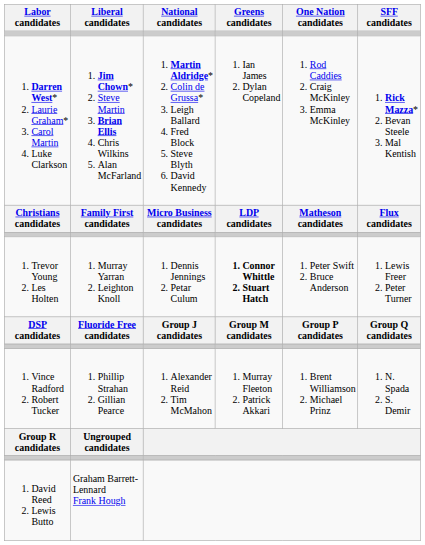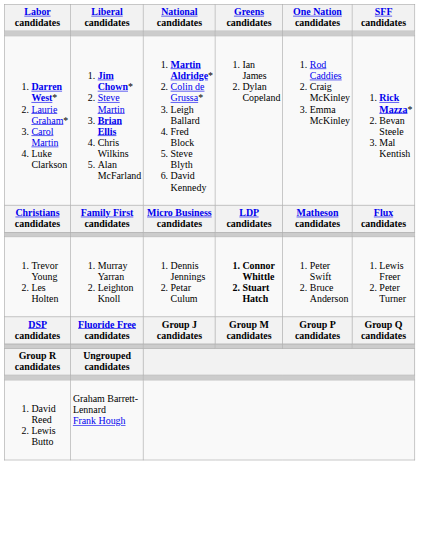 <table class="wikitable">
 <tr>
 <th><a href='#'>Labor</a> candidates</th>
 <th><a href='#'>Liberal</a> candidates</th>
 <th><a href='#'>National</a> candidates</th>
 <th><a href='#'>Greens</a> candidates</th>
 <th><a href='#'>One Nation</a> candidates</th>
 <th><a href='#'>SFF</a> candidates</th>
 </tr>
 <tr bgcolor="#cccccc">
 <td></td>
 <td></td>
 <td></td>
 <td></td>
 <td></td>
 <td></td>
 </tr>
 <tr>
 <td><br><ol><li><strong><a href='#'>Darren West</a></strong>*</li><li><a href='#'>Laurie Graham</a>*</li><li><a href='#'>Carol Martin</a></li><li>Luke Clarkson</li></ol></td>
 <td><br><ol><li><strong><a href='#'>Jim Chown</a></strong>*</li><li><a href='#'>Steve Martin</a></li><li><strong><a href='#'>Brian Ellis</a></strong></li><li>Chris Wilkins</li><li>Alan McFarland</li></ol></td>
 <td><br><ol><li><strong><a href='#'>Martin Aldridge</a></strong>*</li><li><a href='#'>Colin de Grussa</a>*</li><li>Leigh Ballard</li><li>Fred Block</li><li>Steve Blyth</li><li>David Kennedy</li></ol></td>
 <td valign=top><br><ol><li>Ian James</li><li>Dylan Copeland</li></ol></td>
 <td valign="top"><br><ol><li><a href='#'>Rod Caddies</a></li><li>Craig McKinley</li><li>Emma McKinley</li></ol></td>
 <td><br><ol><li><strong><a href='#'>Rick Mazza</a></strong>*</li><li>Bevan Steele</li><li>Mal Kentish</li></ol></td>
 </tr>
 <tr bgcolor="#cccccc">
 <th><a href='#'>Christians</a> candidates</th>
 <th><a href='#'>Family First</a> candidates</th>
 <th><a href='#'>Micro Business</a> candidates</th>
 <th><a href='#'>LDP</a> candidates</th>
 <th><a href='#'>Matheson</a> candidates</th>
 <th><a href='#'>Flux</a> candidates</th>
 </tr>
 <tr bgcolor="#cccccc">
 <td></td>
 <td></td>
 <td></td>
 <td></td>
 <td></td>
 <td></td>
 </tr>
 <tr>
 <td valign=top><br><ol><li>Trevor Young</li><li>Les Holten</li></ol></td>
 <td valign=top><br><ol><li>Murray Yarran</li><li>Leighton Knoll</li></ol></td>
 <td valign=top><br><ol><li>Dennis Jennings</li><li>Petar Culum</li></ol></td>
 <td valign=top><strong><br><ol><li>Connor Whittle</li><li>Stuart Hatch</li></ol></strong></td>
 <td valign=top><br><ol><li>Peter Swift</li><li>Bruce Anderson</li></ol></td>
 <td valign=top><br><ol><li>Lewis Freer</li><li>Peter Turner</li></ol></td>
 </tr>
 <tr bgcolor="#cccccc">
 <th><a href='#'>DSP</a> candidates</th>
 <th><a href='#'>Fluoride Free</a> candidates</th>
 <th>Group J candidates</th>
 <th>Group M candidates</th>
 <th>Group P candidates</th>
 <th>Group Q candidates</th>
 </tr>
 <tr bgcolor="#cccccc">
 <td></td>
 <td></td>
 <td></td>
 <td></td>
 <td></td>
 <td></td>
 </tr>
-<tr>
-<td valign=top><br><ol><li>Vince Radford</li><li>Robert Tucker</li></ol></td>
-<td valign=top><br><ol><li>Phillip Strahan</li><li>Gillian Pearce</li></ol></td>
-<td valign=top><br><ol><li>Alexander Reid</li><li>Tim McMahon</li></ol></td>
-<td valign=top><br><ol><li>Murray Fleeton</li><li>Patrick Akkari</li></ol></td>
-<td valign=top><br><ol><li>Brent Williamson</li><li>Michael Prinz</li></ol></td>
-<td valign=top><br><ol><li>N. Spada</li><li>S. Demir</li></ol></td>
-</tr>
 <tr bgcolor="#cccccc">
 <th>Group R candidates</th>
 <th>Ungrouped candidates</th>
 <th colspan=4></th>
 </tr>
 <tr bgcolor="#cccccc">
 <td></td>
 <td></td>
 <td colspan=4></td>
 </tr>
 <tr>
 <td valign=top><br><ol><li>David Reed</li><li>Lewis Butto</li></ol></td>
 <td valign=top><br>Graham Barrett-Lennard <br> <a href='#'>Frank Hough</a></td>
 </tr>
 </table>
